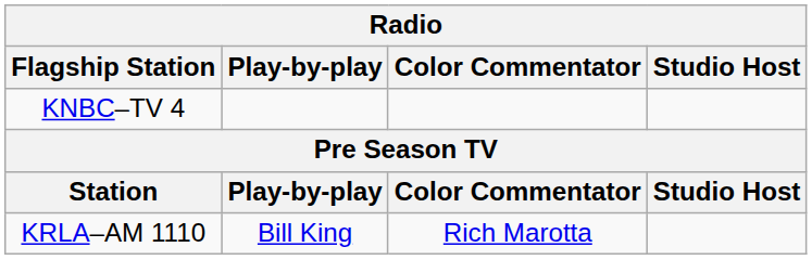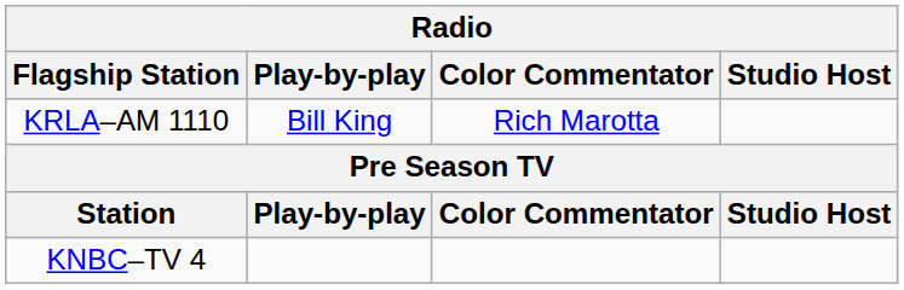 <table class="wikitable">
 <tr>
 <th colspan="4">Radio</th>
 </tr>
 <tr>
 <th>Flagship Station</th>
 <th>Play-by-play</th>
 <th>Color Commentator</th>
 <th>Studio Host</th>
 </tr>
 <tr>
-<td style="text-align:center"><a href='#'>KNBC</a>–TV 4</td>
-<td></td>
-<td></td>
+<td style="text-align:center"><a href='#'>KRLA</a>–AM 1110</td>
+<td style="text-align:center"><a href='#'>Bill King</a></td>
+<td style="text-align:center"><a href='#'>Rich Marotta</a></td>
 <td></td>
 </tr>
 <tr>
 <th colspan="4">Pre Season TV</th>
 </tr>
 <tr>
 <th>Station</th>
 <th>Play-by-play</th>
 <th>Color Commentator</th>
 <th>Studio Host</th>
 </tr>
 <tr>
-<td style="text-align:center"><a href='#'>KRLA</a>–AM 1110</td>
-<td style="text-align:center"><a href='#'>Bill King</a></td>
-<td style="text-align:center"><a href='#'>Rich Marotta</a></td>
+<td style="text-align:center"><a href='#'>KNBC</a>–TV 4</td>
+<td></td>
+<td></td>
 <td></td>
 </tr>
 </table>
